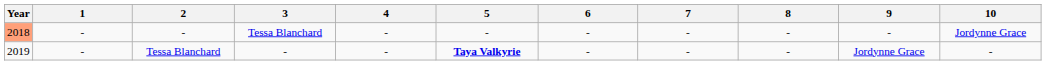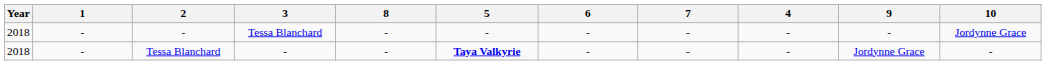 <table class="wikitable" style="font-size:85%; text-align: center">
 <tr>
 <th>Year</th>
 <th width="10%">1</th>
 <th width="10%">2</th>
 <th width="10%">3</th>
-<th width="10%">4</th>
+<th width="10%">8</th>
 <th width="10%">5</th>
 <th width="10%">6</th>
 <th width="10%">7</th>
-<th width="10%">8</th>
+<th width="10%">4</th>
 <th width="10%">9</th>
 <th width="10%">10</th>
 </tr>
 <tr>
-<td style="background: lightsalmon;">2018</td>
+<td>2018</td>
 <td>-</td>
 <td>-</td>
 <td><a href='#'>Tessa Blanchard</a></td>
 <td>-</td>
 <td>-</td>
 <td>-</td>
 <td>-</td>
 <td>-</td>
 <td>-</td>
 <td><a href='#'>Jordynne Grace</a></td>
 </tr>
 <tr>
-<td>2019</td>
+<td>2018</td>
 <td>-</td>
 <td><a href='#'>Tessa Blanchard</a></td>
 <td>-</td>
 <td>-</td>
 <td><strong><a href='#'>Taya Valkyrie</a></strong></td>
 <td>-</td>
 <td>-</td>
 <td>-</td>
 <td><a href='#'>Jordynne Grace</a></td>
 <td>-</td>
 </tr>
 </table>
